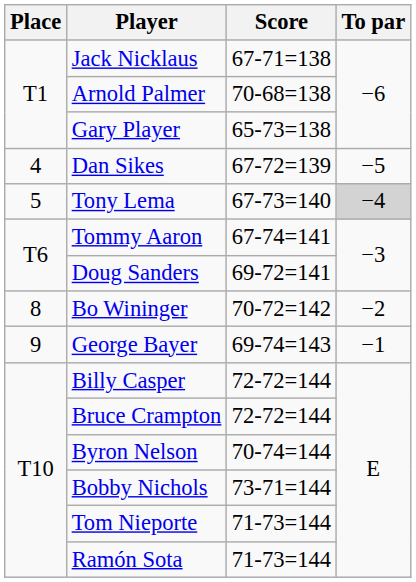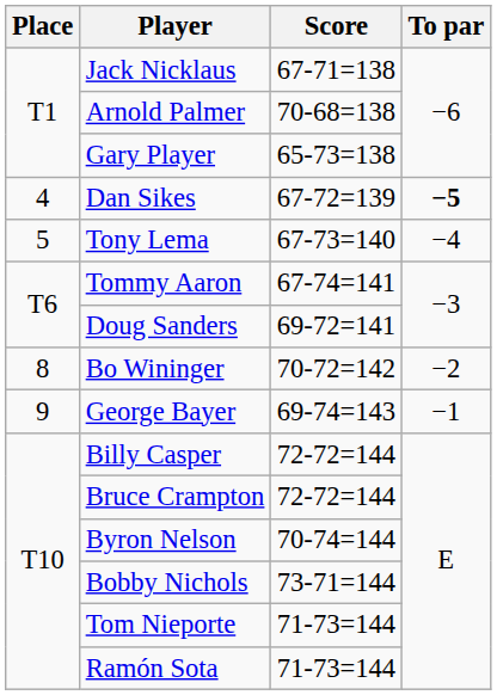 <table class="wikitable">
 <tr>
 <th>Place</th>
 <th>Player</th>
 <th>Score</th>
 <th>To par</th>
 </tr>
 <tr>
 <td rowspan="3" align="center">T1</td>
 <td> <a href='#'>Jack Nicklaus</a></td>
 <td>67-71=138</td>
 <td rowspan="3" align="center">−6</td>
 </tr>
 <tr>
 <td> <a href='#'>Arnold Palmer</a></td>
 <td>70-68=138</td>
 </tr>
 <tr>
 <td> <a href='#'>Gary Player</a></td>
 <td>65-73=138</td>
 </tr>
 <tr>
 <td align="center">4</td>
 <td> <a href='#'>Dan Sikes</a></td>
 <td>67-72=139</td>
-<td align="center">−5</td>
+<td align="center"><strong>−5</strong></td>
 </tr>
 <tr>
 <td align="center">5</td>
 <td> <a href='#'>Tony Lema</a></td>
 <td>67-73=140</td>
-<td align="center" style="background: lightgrey;">−4</td>
+<td align="center">−4</td>
 </tr>
 <tr>
 <td rowspan="2" align="center">T6</td>
 <td> <a href='#'>Tommy Aaron</a></td>
 <td>67-74=141</td>
 <td rowspan="2" align="center">−3</td>
 </tr>
 <tr>
 <td> <a href='#'>Doug Sanders</a></td>
 <td>69-72=141</td>
 </tr>
 <tr>
 <td align="center">8</td>
 <td> <a href='#'>Bo Wininger</a></td>
 <td>70-72=142</td>
 <td align="center">−2</td>
 </tr>
 <tr>
 <td align="center">9</td>
 <td> <a href='#'>George Bayer</a></td>
 <td>69-74=143</td>
 <td align="center">−1</td>
 </tr>
 <tr>
 <td rowspan="6" align="center">T10</td>
 <td> <a href='#'>Billy Casper</a></td>
 <td>72-72=144</td>
 <td rowspan="6" align="center">E</td>
 </tr>
 <tr>
 <td> <a href='#'>Bruce Crampton</a></td>
 <td>72-72=144</td>
 </tr>
 <tr>
 <td> <a href='#'>Byron Nelson</a></td>
 <td>70-74=144</td>
 </tr>
 <tr>
 <td> <a href='#'>Bobby Nichols</a></td>
 <td>73-71=144</td>
 </tr>
 <tr>
 <td> <a href='#'>Tom Nieporte</a></td>
 <td>71-73=144</td>
 </tr>
 <tr>
 <td> <a href='#'>Ramón Sota</a></td>
 <td>71-73=144</td>
 </tr>
 </table>
